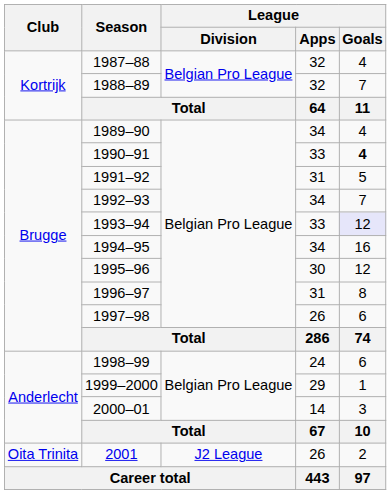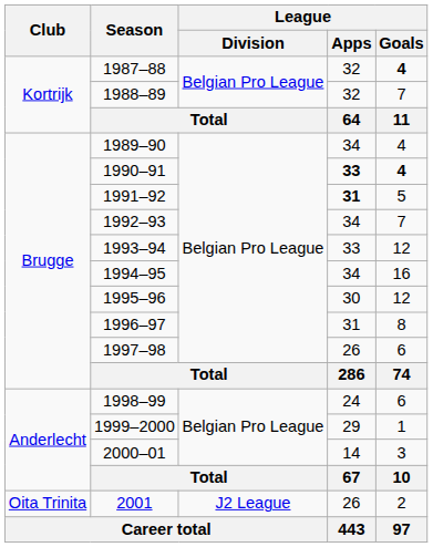 <table class="wikitable" style="text-align:center">
 <tr>
 <th rowspan="2">Club</th>
 <th rowspan="2">Season</th>
 <th colspan="3">League</th>
 </tr>
 <tr>
 <th>Division</th>
 <th>Apps</th>
 <th>Goals</th>
 </tr>
 <tr>
 <td rowspan="3"><a href='#'>Kortrijk</a></td>
 <td>1987–88</td>
 <td rowspan="2"><a href='#'>Belgian Pro League</a></td>
 <td>32</td>
-<td>4</td>
+<td><strong>4</strong></td>
 </tr>
 <tr>
 <td>1988–89</td>
 <td>32</td>
 <td>7</td>
 </tr>
 <tr>
 <th colspan="2">Total</th>
 <th>64</th>
 <th>11</th>
 </tr>
 <tr>
 <td rowspan="10"><a href='#'>Brugge</a></td>
 <td>1989–90</td>
 <td rowspan="9">Belgian Pro League</td>
 <td>34</td>
 <td>4</td>
 </tr>
 <tr>
 <td>1990–91</td>
-<td>33</td>
+<td><strong>33</strong></td>
 <td><strong>4</strong></td>
 </tr>
 <tr>
 <td>1991–92</td>
-<td>31</td>
+<td><strong>31</strong></td>
 <td>5</td>
 </tr>
 <tr>
 <td>1992–93</td>
 <td>34</td>
 <td>7</td>
 </tr>
 <tr>
 <td>1993–94</td>
 <td>33</td>
-<td style="background: lavender;">12</td>
+<td>12</td>
 </tr>
 <tr>
 <td>1994–95</td>
 <td>34</td>
 <td>16</td>
 </tr>
 <tr>
 <td>1995–96</td>
 <td>30</td>
 <td>12</td>
 </tr>
 <tr>
 <td>1996–97</td>
 <td>31</td>
 <td>8</td>
 </tr>
 <tr>
 <td>1997–98</td>
 <td>26</td>
 <td>6</td>
 </tr>
 <tr>
 <th colspan="2">Total</th>
 <th>286</th>
 <th>74</th>
 </tr>
 <tr>
 <td rowspan="4"><a href='#'>Anderlecht</a></td>
 <td>1998–99</td>
 <td rowspan="3">Belgian Pro League</td>
 <td>24</td>
 <td>6</td>
 </tr>
 <tr>
 <td>1999–2000</td>
 <td>29</td>
 <td>1</td>
 </tr>
 <tr>
 <td>2000–01</td>
 <td>14</td>
 <td>3</td>
 </tr>
 <tr>
 <th colspan="2">Total</th>
 <th>67</th>
 <th>10</th>
 </tr>
 <tr>
 <td><a href='#'>Oita Trinita</a></td>
 <td><a href='#'>2001</a></td>
 <td><a href='#'>J2 League</a></td>
 <td>26</td>
 <td>2</td>
 </tr>
 <tr>
 <th colspan="3">Career total</th>
 <th>443</th>
 <th>97</th>
 </tr>
 </table>
